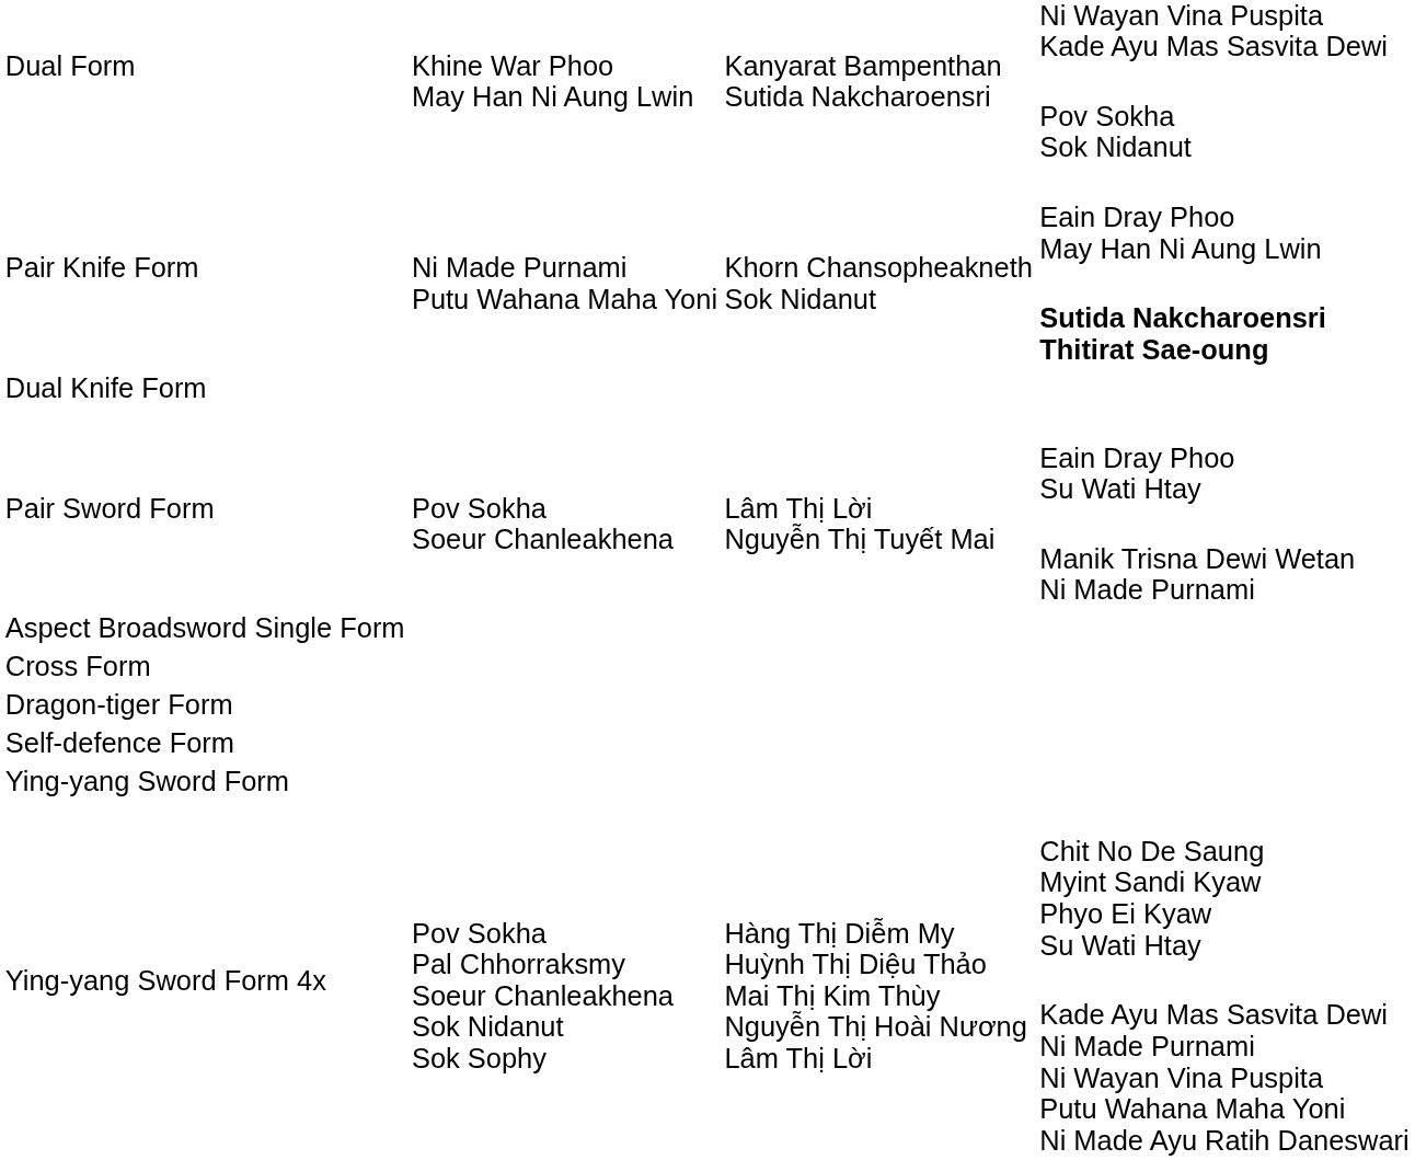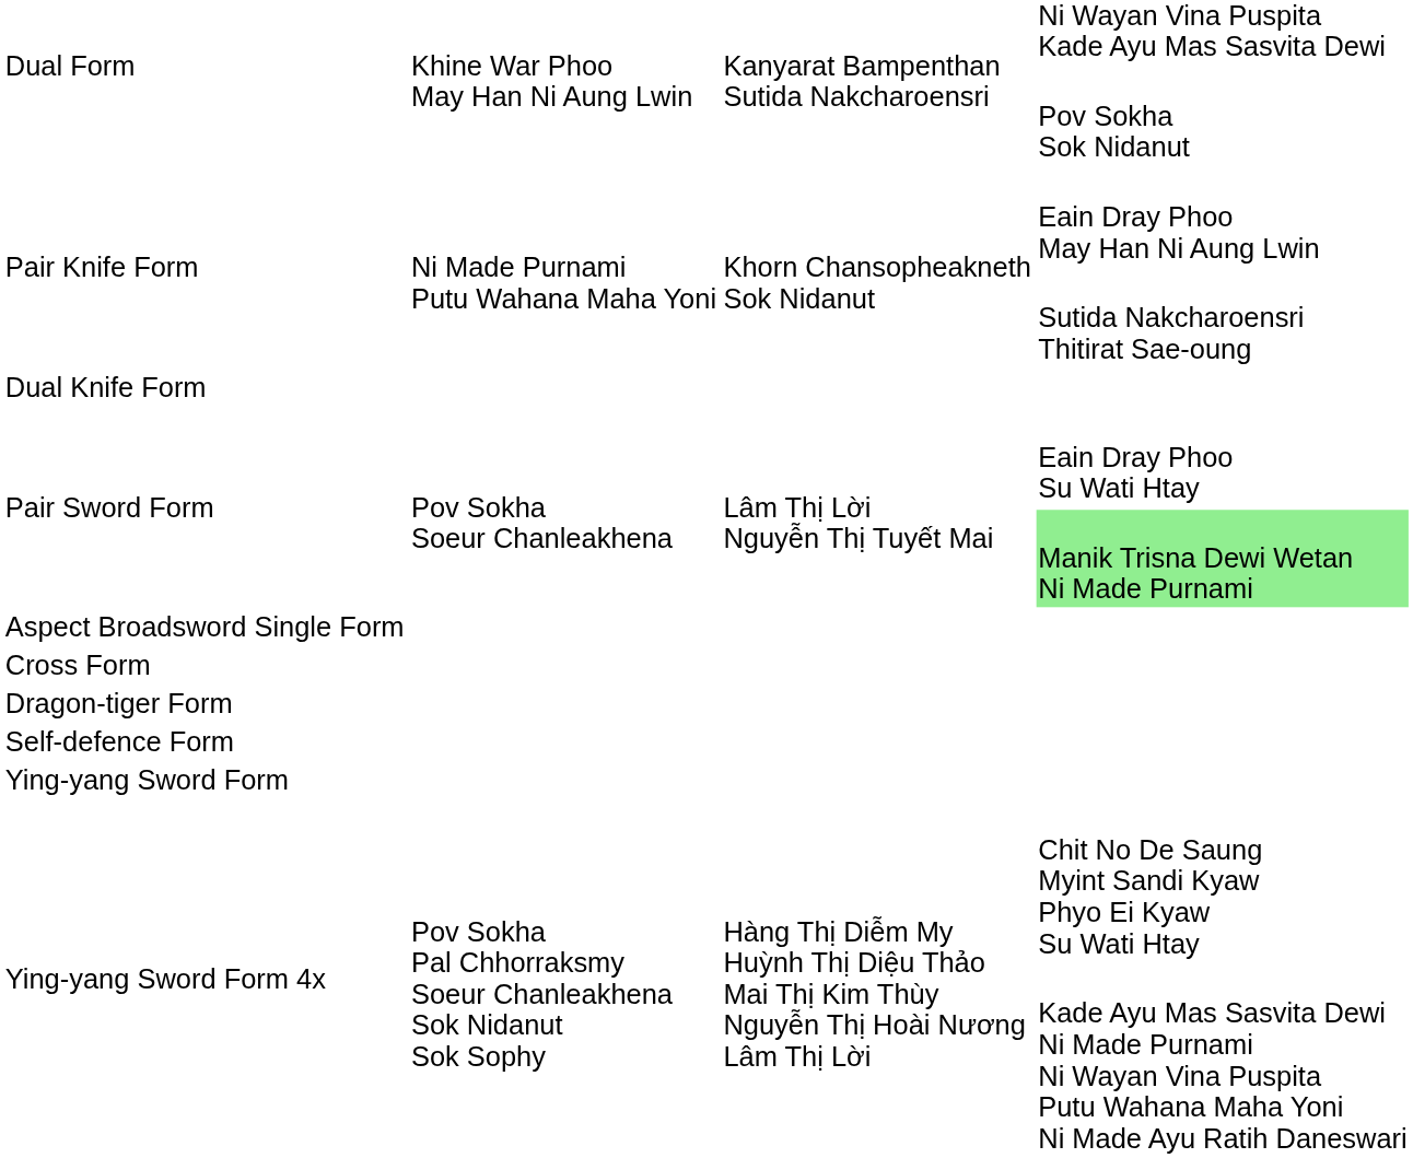 <table>
 <tr>
 <td rowspan=2>Dual Form</td>
 <td rowspan=2><br>Khine War Phoo<br>May Han Ni Aung Lwin</td>
 <td rowspan=2><br>Kanyarat Bampenthan<br>Sutida Nakcharoensri</td>
 <td><br>Ni Wayan Vina Puspita<br>Kade Ayu Mas Sasvita Dewi</td>
 </tr>
 <tr>
 <td><br>Pov Sokha<br>Sok Nidanut</td>
 </tr>
 <tr>
 <td rowspan=2>Pair Knife Form</td>
 <td rowspan=2><br>Ni Made Purnami<br>Putu Wahana Maha Yoni</td>
 <td rowspan=2><br>Khorn Chansopheakneth<br>Sok Nidanut</td>
 <td><br>Eain Dray Phoo<br>May Han Ni Aung Lwin</td>
 </tr>
 <tr>
-<td><strong><br>Sutida Nakcharoensri<br>Thitirat Sae-oung</strong></td>
+<td><br>Sutida Nakcharoensri<br>Thitirat Sae-oung</td>
 </tr>
 <tr>
 <td rowspan=2>Dual Knife Form</td>
 <td rowspan=2></td>
 <td rowspan=2></td>
 <td></td>
 </tr>
 <tr>
 <td></td>
 </tr>
 <tr>
 <td rowspan=2>Pair Sword Form</td>
 <td rowspan=2><br>Pov Sokha<br>Soeur Chanleakhena</td>
 <td rowspan=2><br>Lâm Thị Lời<br>Nguyễn Thị Tuyết Mai</td>
 <td><br>Eain Dray Phoo<br>Su Wati Htay</td>
 </tr>
 <tr>
-<td><br>Manik Trisna Dewi Wetan<br>Ni Made Purnami</td>
+<td style="background: lightgreen;"><br>Manik Trisna Dewi Wetan<br>Ni Made Purnami</td>
 </tr>
 <tr>
 <td rowspan=2>Aspect Broadsword Single Form</td>
 <td rowspan=2></td>
 <td rowspan=2></td>
 <td></td>
 </tr>
 <tr>
 <td></td>
 </tr>
 <tr>
 <td rowspan=2>Cross Form</td>
 <td rowspan=2></td>
 <td rowspan=2></td>
 <td></td>
 </tr>
 <tr>
 <td></td>
 </tr>
 <tr>
 <td rowspan=2>Dragon-tiger Form</td>
 <td rowspan=2 nowrap></td>
 <td rowspan=2></td>
 <td></td>
 </tr>
 <tr>
 <td></td>
 </tr>
 <tr>
 <td rowspan=2>Self-defence Form</td>
 <td rowspan=2></td>
 <td rowspan=2 nowrap></td>
 <td></td>
 </tr>
 <tr>
 <td></td>
 </tr>
 <tr>
 <td rowspan=2>Ying-yang Sword Form</td>
 <td rowspan=2></td>
 <td rowspan=2></td>
 <td></td>
 </tr>
 <tr>
 <td></td>
 </tr>
 <tr>
 <td rowspan=2>Ying-yang Sword Form 4x</td>
 <td rowspan=2><br>Pov Sokha<br>Pal Chhorraksmy<br>Soeur Chanleakhena<br>Sok Nidanut<br>Sok Sophy</td>
 <td rowspan=2 nowrap><br>Hàng Thị Diễm My<br>Huỳnh Thị Diệu Thảo<br>Mai Thị Kim Thùy<br>Nguyễn Thị Hoài Nương<br>Lâm Thị Lời</td>
 <td><br>Chit No De Saung<br>Myint Sandi Kyaw<br>Phyo Ei Kyaw<br>Su Wati Htay</td>
 </tr>
 <tr>
 <td nowrap><br>Kade Ayu Mas Sasvita Dewi<br>Ni Made Purnami<br>Ni Wayan Vina Puspita<br>Putu Wahana Maha Yoni<br>Ni Made Ayu Ratih Daneswari</td>
 </tr>
 </table>
